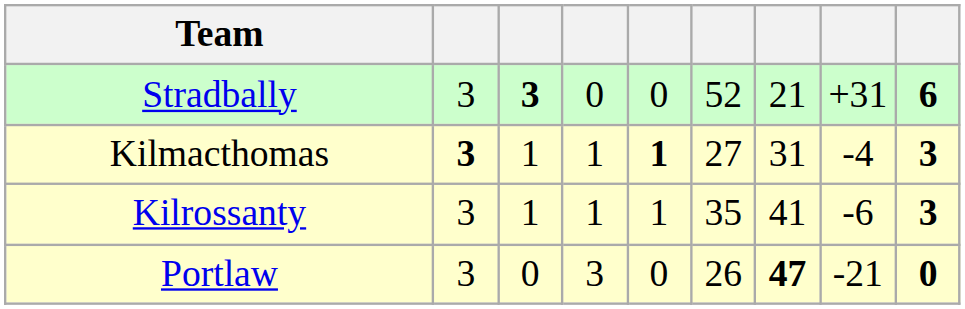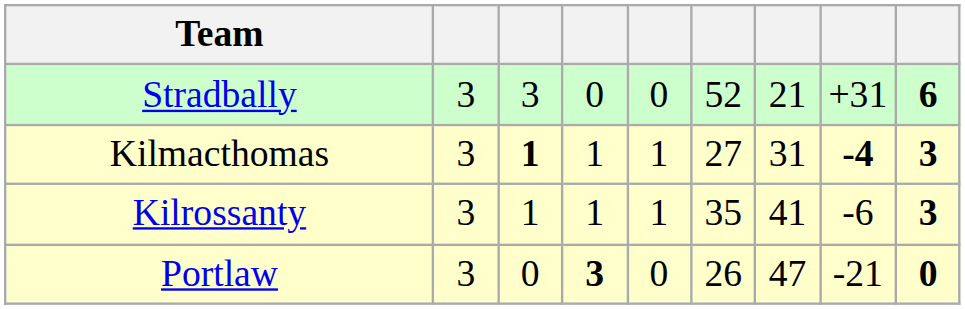 <table class="wikitable" style="text-align:center">
 <tr>
 <th style="width:175px;">Team</th>
 <th width="20"></th>
 <th width="20"></th>
 <th width="20"></th>
 <th width="20"></th>
 <th width="20"></th>
 <th width="20"></th>
 <th width="20"></th>
 <th width="20"></th>
 </tr>
 <tr style="background:#cfc;">
 <td><a href='#'>Stradbally</a></td>
 <td>3</td>
-<td><strong>3</strong></td>
+<td>3</td>
 <td>0</td>
 <td>0</td>
 <td>52</td>
 <td>21</td>
 <td>+31</td>
 <td><strong>6</strong></td>
 </tr>
 <tr style="background:#ffffcc;">
 <td>Kilmacthomas</td>
-<td><strong>3</strong></td>
+<td>3</td>
+<td><strong>1</strong></td>
 <td>1</td>
 <td>1</td>
-<td><strong>1</strong></td>
 <td>27</td>
 <td>31</td>
-<td>-4</td>
+<td><strong>-4</strong></td>
 <td><strong>3</strong></td>
 </tr>
 <tr style="background:#ffffcc;">
 <td><a href='#'>Kilrossanty</a></td>
 <td>3</td>
 <td>1</td>
 <td>1</td>
 <td>1</td>
 <td>35</td>
 <td>41</td>
 <td>-6</td>
 <td><strong>3</strong></td>
 </tr>
 <tr style="background:#ffffcc;">
 <td><a href='#'>Portlaw</a></td>
 <td>3</td>
 <td>0</td>
-<td>3</td>
+<td><strong>3</strong></td>
 <td>0</td>
 <td>26</td>
-<td><strong>47</strong></td>
+<td>47</td>
 <td>-21</td>
 <td><strong>0</strong></td>
 </tr>
 </table>
